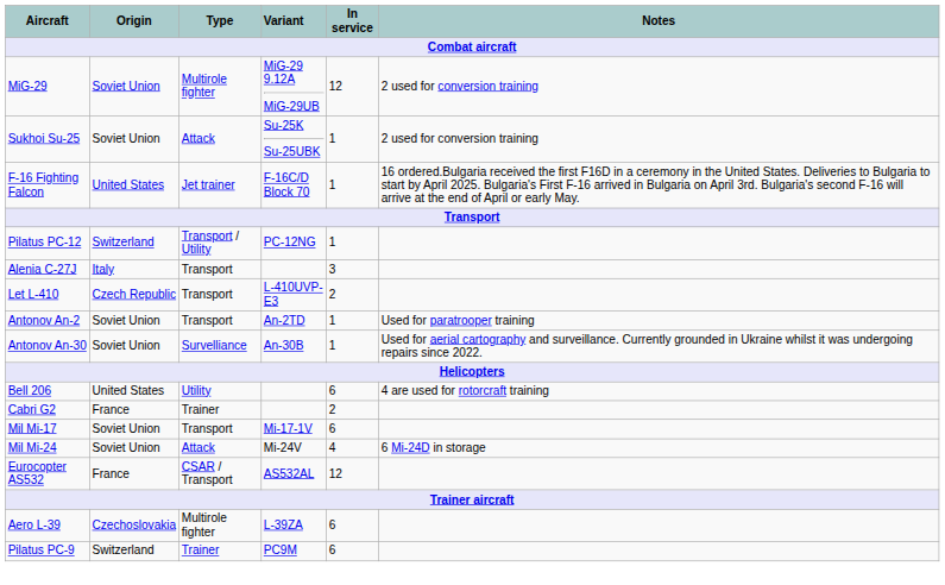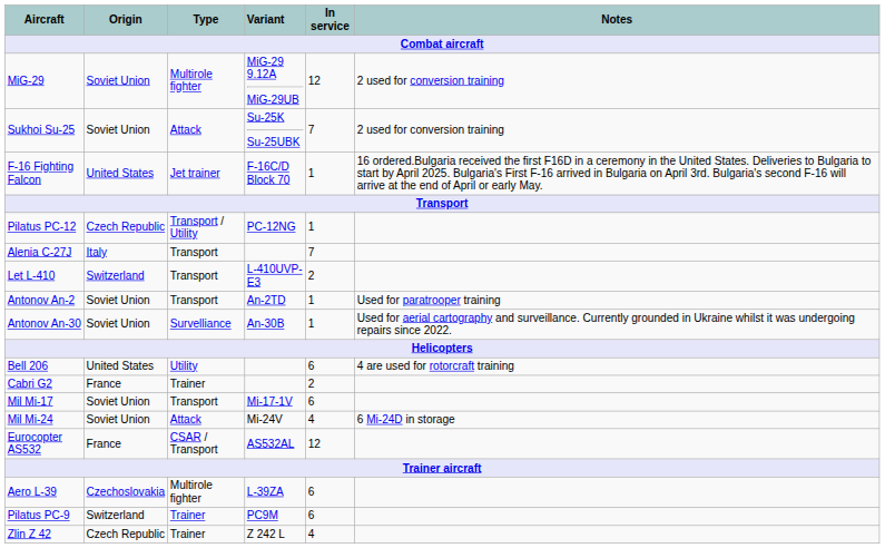 <table class="wikitable">
 <tr>
 <th style="text-align:center; background:#acc;">Aircraft</th>
 <th style="text-align: center; background:#acc;">Origin</th>
 <th style="text-align:l center; background:#acc;">Type</th>
 <th style="text-align:left; background:#acc;">Variant</th>
 <th style="text-align:center; background:#acc;">In service</th>
 <th style="text-align: center; background:#acc;">Notes</th>
 </tr>
 <tr>
 <th colspan="6" style="align: center; background: lavender;"><a href='#'>Combat aircraft</a></th>
 </tr>
 <tr>
 <td><a href='#'>MiG-29</a></td>
 <td><a href='#'>Soviet Union</a></td>
 <td><a href='#'>Multirole fighter</a></td>
 <td><a href='#'>MiG-29 9.12A</a><hr><a href='#'>MiG-29UB</a></td>
 <td>12</td>
 <td>2 used for <a href='#'>conversion training</a></td>
 </tr>
 <tr>
 <td><a href='#'>Sukhoi Su-25</a></td>
 <td>Soviet Union</td>
 <td><a href='#'>Attack</a></td>
 <td><a href='#'>Su-25K</a><hr><a href='#'>Su-25UBK</a></td>
-<td>1</td>
+<td>7</td>
 <td>2 used for conversion training</td>
 </tr>
 <tr>
 <td><a href='#'>F-16 Fighting Falcon</a></td>
 <td><a href='#'>United States</a></td>
 <td><a href='#'>Jet trainer</a></td>
 <td><a href='#'>F-16C/D</a><br><a href='#'>Block 70</a></td>
 <td>1</td>
 <td>16 ordered.Bulgaria received the first F16D in a ceremony in the United States. Deliveries to Bulgaria to start by April 2025.  Bulgaria's First F-16 arrived in Bulgaria on April 3rd. Bulgaria's second F-16 will arrive at the end of April or early May. </td>
 </tr>
 <tr>
 <th colspan="6" style="align: center; background: lavender;"><a href='#'>Transport</a></th>
 </tr>
 <tr>
 <td><a href='#'>Pilatus PC-12</a></td>
-<td><a href='#'>Switzerland</a></td>
+<td><a href='#'>Czech Republic</a></td>
 <td><a href='#'>Transport</a> / <a href='#'>Utility</a></td>
 <td><a href='#'>PC-12NG</a></td>
 <td>1</td>
 <td></td>
 </tr>
 <tr>
 <td><a href='#'>Alenia C-27J</a></td>
 <td><a href='#'>Italy</a></td>
 <td>Transport</td>
 <td></td>
-<td>3</td>
+<td>7</td>
 <td></td>
 </tr>
 <tr>
 <td><a href='#'>Let L-410</a></td>
-<td><a href='#'>Czech Republic</a></td>
+<td><a href='#'>Switzerland</a></td>
 <td>Transport</td>
 <td><a href='#'>L-410UVP-E3</a></td>
 <td>2</td>
 <td></td>
 </tr>
 <tr>
 <td><a href='#'>Antonov An-2</a></td>
 <td>Soviet Union</td>
 <td>Transport</td>
 <td><a href='#'>An-2TD</a></td>
 <td>1</td>
 <td>Used for <a href='#'>paratrooper</a> training</td>
 </tr>
 <tr>
 <td><a href='#'>Antonov An-30</a></td>
 <td>Soviet Union</td>
 <td><a href='#'>Survelliance</a></td>
 <td><a href='#'>An-30B</a></td>
 <td>1</td>
 <td>Used for <a href='#'>aerial cartography</a> and surveillance. Currently grounded in Ukraine whilst it was undergoing repairs since 2022.</td>
 </tr>
 <tr>
 <th colspan="6" style="align: center; background: lavender;"><a href='#'>Helicopters</a></th>
 </tr>
 <tr>
 <td><a href='#'>Bell 206</a></td>
 <td>United States</td>
 <td><a href='#'>Utility</a></td>
 <td></td>
 <td>6</td>
 <td>4 are used for <a href='#'>rotorcraft</a> training</td>
 </tr>
 <tr>
 <td><a href='#'>Cabri G2</a></td>
 <td>France</td>
 <td>Trainer</td>
 <td></td>
 <td>2</td>
 <td></td>
 </tr>
 <tr>
 <td><a href='#'>Mil Mi-17</a></td>
 <td>Soviet Union</td>
 <td>Transport</td>
 <td><a href='#'>Mi-17-1V</a></td>
 <td>6</td>
 <td></td>
 </tr>
 <tr>
 <td><a href='#'>Mil Mi-24</a></td>
 <td>Soviet Union</td>
 <td><a href='#'>Attack</a></td>
 <td>Mi-24V</td>
 <td>4</td>
 <td>6 <a href='#'>Mi-24D</a> in storage</td>
 </tr>
 <tr>
 <td><a href='#'>Eurocopter AS532</a></td>
 <td>France</td>
 <td><a href='#'>CSAR</a> / Transport</td>
 <td><a href='#'>AS532AL</a></td>
 <td>12</td>
 <td></td>
 </tr>
 <tr>
 <th colspan="6" style="align: center; background: lavender;"><a href='#'>Trainer aircraft</a></th>
 </tr>
 <tr>
 <td><a href='#'>Aero L-39</a></td>
 <td><a href='#'>Czechoslovakia</a></td>
 <td>Multirole fighter</td>
 <td><a href='#'>L-39ZA</a></td>
 <td>6</td>
 <td></td>
 </tr>
 <tr>
 <td><a href='#'>Pilatus PC-9</a></td>
 <td>Switzerland</td>
 <td><a href='#'>Trainer</a></td>
 <td><a href='#'>PC9M</a></td>
 <td>6</td>
 <td></td>
 </tr>
+<tr>
+<td><a href='#'>Zlin Z 42</a></td>
+<td>Czech Republic</td>
+<td>Trainer</td>
+<td>Z 242 L</td>
+<td>4</td>
+<td></td>
+</tr>
 </table>
